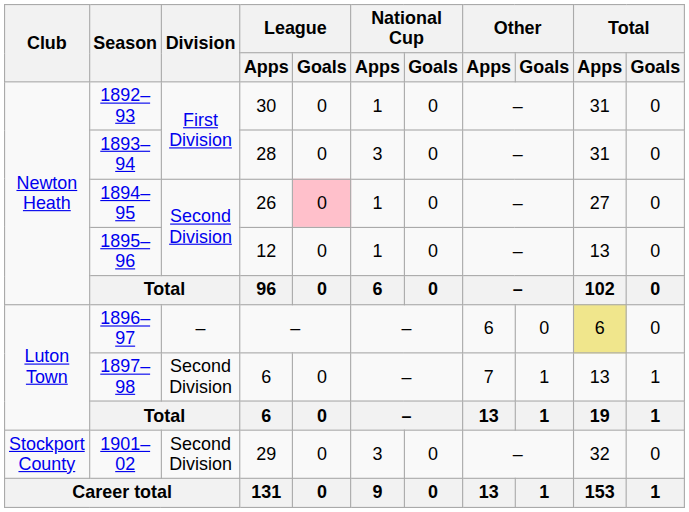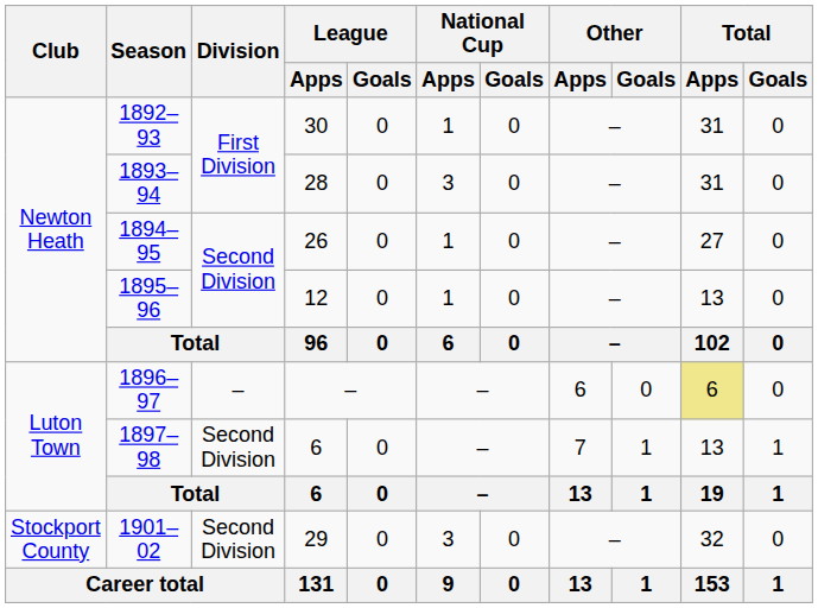 <table class="wikitable" style="text-align:center">
 <tr>
 <th rowspan="2">Club</th>
 <th rowspan="2">Season</th>
 <th rowspan="2">Division</th>
 <th colspan="2">League</th>
 <th colspan="2">National Cup</th>
 <th colspan="2">Other</th>
 <th colspan="2">Total</th>
 </tr>
 <tr>
 <th>Apps</th>
 <th>Goals</th>
 <th>Apps</th>
 <th>Goals</th>
 <th>Apps</th>
 <th>Goals</th>
 <th>Apps</th>
 <th>Goals</th>
 </tr>
 <tr>
 <td rowspan="5"><a href='#'>Newton Heath</a></td>
 <td><a href='#'>1892–93</a></td>
 <td rowspan="2"><a href='#'>First Division</a></td>
 <td>30</td>
 <td>0</td>
 <td>1</td>
 <td>0</td>
 <td colspan="2">–</td>
 <td>31</td>
 <td>0</td>
 </tr>
 <tr>
 <td><a href='#'>1893–94</a></td>
 <td>28</td>
 <td>0</td>
 <td>3</td>
 <td>0</td>
 <td colspan="2">–</td>
 <td>31</td>
 <td>0</td>
 </tr>
 <tr>
 <td><a href='#'>1894–95</a></td>
 <td rowspan="2"><a href='#'>Second Division</a></td>
 <td>26</td>
-<td style="background: pink;">0</td>
+<td>0</td>
 <td>1</td>
 <td>0</td>
 <td colspan="2">–</td>
 <td>27</td>
 <td>0</td>
 </tr>
 <tr>
 <td><a href='#'>1895–96</a></td>
 <td>12</td>
 <td>0</td>
 <td>1</td>
 <td>0</td>
 <td colspan="2">–</td>
 <td>13</td>
 <td>0</td>
 </tr>
 <tr>
 <th colspan="2">Total</th>
 <th>96</th>
 <th>0</th>
 <th>6</th>
 <th>0</th>
 <th colspan="2">–</th>
 <th>102</th>
 <th>0</th>
 </tr>
 <tr>
 <td rowspan="3"><a href='#'>Luton Town</a></td>
 <td><a href='#'>1896–97</a></td>
 <td>– </td>
 <td colspan="2">–</td>
 <td colspan="2">–</td>
 <td>6</td>
 <td>0</td>
 <td style="background: khaki;">6</td>
 <td>0</td>
 </tr>
 <tr>
 <td><a href='#'>1897–98</a></td>
 <td>Second Division</td>
 <td>6</td>
 <td>0</td>
 <td colspan="2">–</td>
 <td>7</td>
 <td>1</td>
 <td>13</td>
 <td>1</td>
 </tr>
 <tr>
 <th colspan="2">Total</th>
 <th>6</th>
 <th>0</th>
 <th colspan="2">–</th>
 <th>13</th>
 <th>1</th>
 <th>19</th>
 <th>1</th>
 </tr>
 <tr>
 <td><a href='#'>Stockport County</a></td>
 <td><a href='#'>1901–02</a></td>
 <td>Second Division</td>
 <td>29</td>
 <td>0</td>
 <td>3</td>
 <td>0</td>
 <td colspan="2">–</td>
 <td>32</td>
 <td>0</td>
 </tr>
 <tr>
 <th colspan="3">Career total</th>
 <th>131</th>
 <th>0</th>
 <th>9</th>
 <th>0</th>
 <th>13</th>
 <th>1</th>
 <th>153</th>
 <th>1</th>
 </tr>
 </table>
